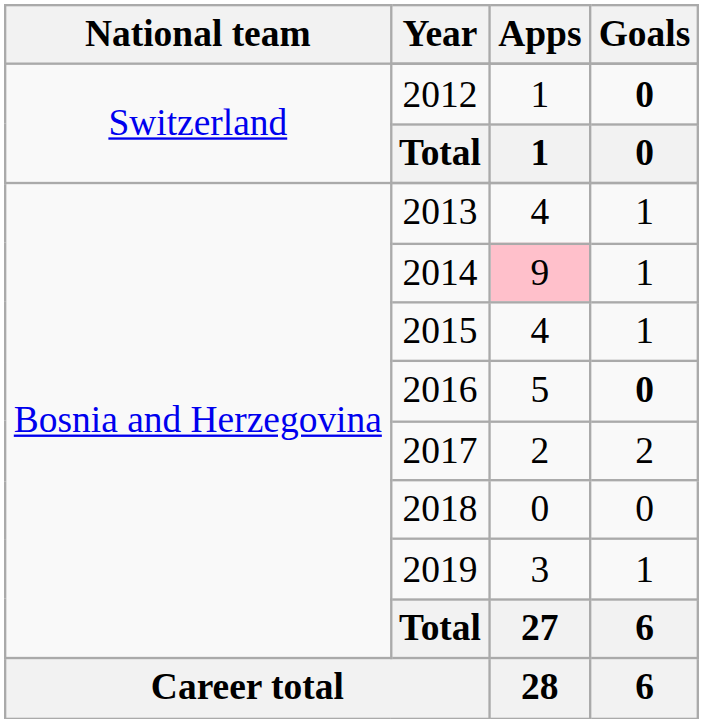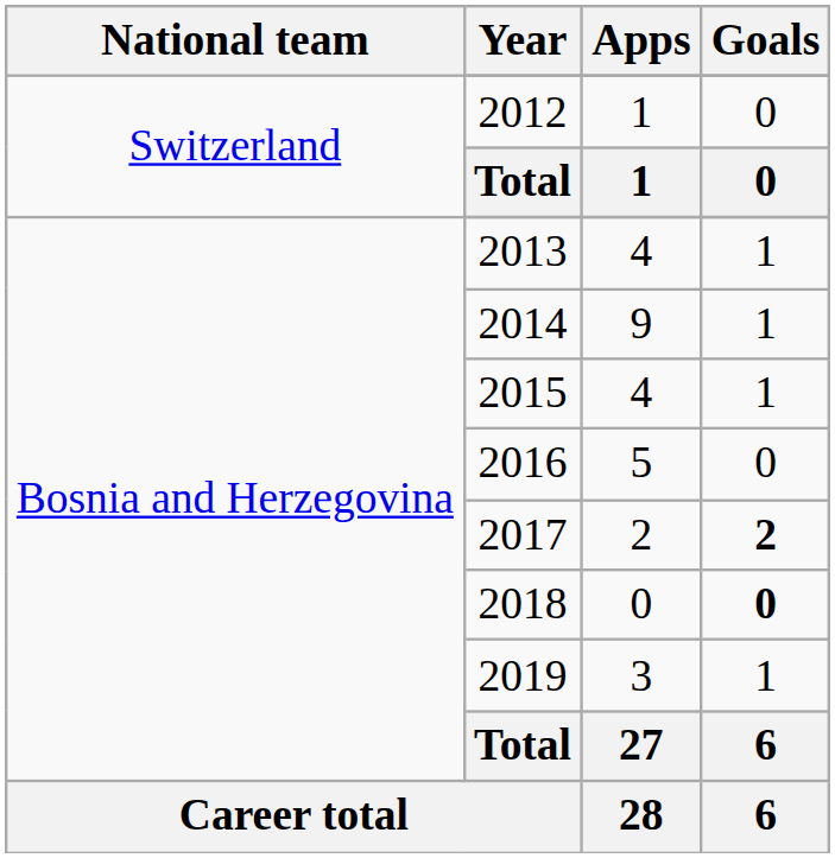 <table class="wikitable" style="text-align:center">
 <tr>
 <th>National team</th>
 <th>Year</th>
 <th>Apps</th>
 <th>Goals</th>
 </tr>
 <tr>
 <td rowspan=3><a href='#'>Switzerland</a></td>
 </tr>
 <tr>
 <td>2012</td>
 <td>1</td>
-<td><strong>0</strong></td>
+<td>0</td>
 </tr>
 <tr>
 <th>Total</th>
 <th>1</th>
 <th>0</th>
 </tr>
 <tr>
 <td rowspan=9><a href='#'>Bosnia and Herzegovina</a></td>
 </tr>
 <tr>
 <td>2013</td>
 <td>4</td>
 <td>1</td>
 </tr>
 <tr>
 <td>2014</td>
-<td style="background: pink;">9</td>
+<td>9</td>
 <td>1</td>
 </tr>
 <tr>
 <td>2015</td>
 <td>4</td>
 <td>1</td>
 </tr>
 <tr>
 <td>2016</td>
 <td>5</td>
-<td><strong>0</strong></td>
+<td>0</td>
 </tr>
 <tr>
 <td>2017</td>
 <td>2</td>
-<td>2</td>
+<td><strong>2</strong></td>
 </tr>
 <tr>
 <td>2018</td>
 <td>0</td>
-<td>0</td>
+<td><strong>0</strong></td>
 </tr>
 <tr>
 <td>2019</td>
 <td>3</td>
 <td>1</td>
 </tr>
 <tr>
 <th>Total</th>
 <th>27</th>
 <th>6</th>
 </tr>
 <tr>
 <th colspan=2>Career total</th>
 <th>28</th>
 <th>6</th>
 </tr>
 </table>
